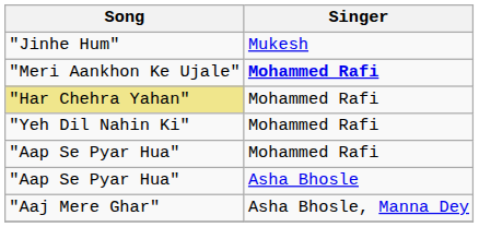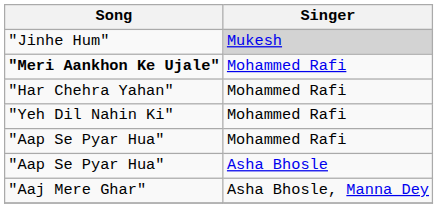 <table class="wikitable" style="font-size:95%;">
 <tr>
 <th>Song</th>
 <th>Singer</th>
 </tr>
 <tr>
 <td>"Jinhe Hum"</td>
-<td><a href='#'>Mukesh</a></td>
+<td style="background: lightgrey;"><a href='#'>Mukesh</a></td>
 </tr>
 <tr>
-<td>"Meri Aankhon Ke Ujale"</td>
-<td><strong><a href='#'>Mohammed Rafi</a></strong></td>
+<td><strong>"Meri Aankhon Ke Ujale"</strong></td>
+<td><a href='#'>Mohammed Rafi</a></td>
 </tr>
 <tr>
-<td style="background: khaki;">"Har Chehra Yahan"</td>
+<td>"Har Chehra Yahan"</td>
 <td>Mohammed Rafi</td>
 </tr>
 <tr>
 <td>"Yeh Dil Nahin Ki"</td>
 <td>Mohammed Rafi</td>
 </tr>
 <tr>
 <td>"Aap Se Pyar Hua"</td>
 <td>Mohammed Rafi</td>
 </tr>
 <tr>
 <td>"Aap Se Pyar Hua"</td>
 <td><a href='#'>Asha Bhosle</a></td>
 </tr>
 <tr>
 <td>"Aaj Mere Ghar"</td>
 <td>Asha Bhosle, <a href='#'>Manna Dey</a></td>
 </tr>
 <tr>
 </tr>
 </table>
